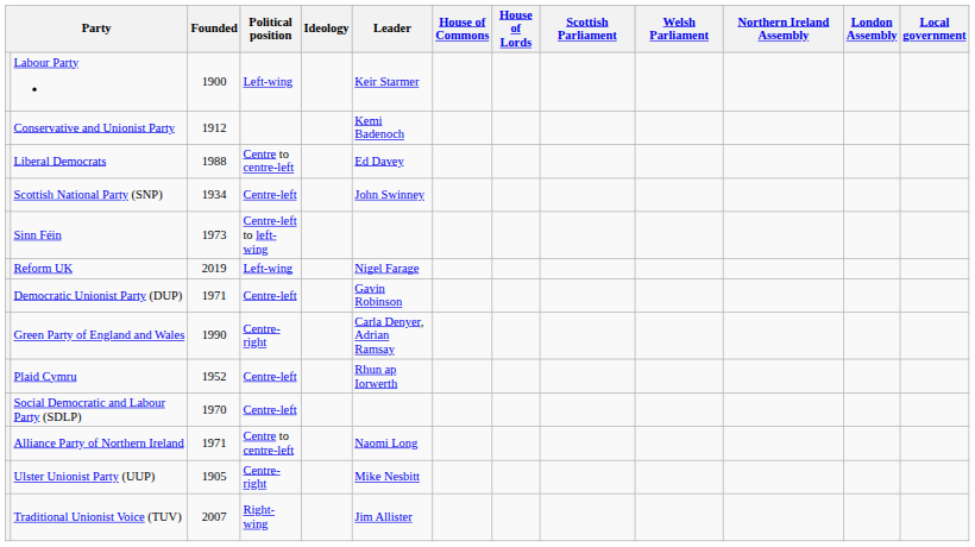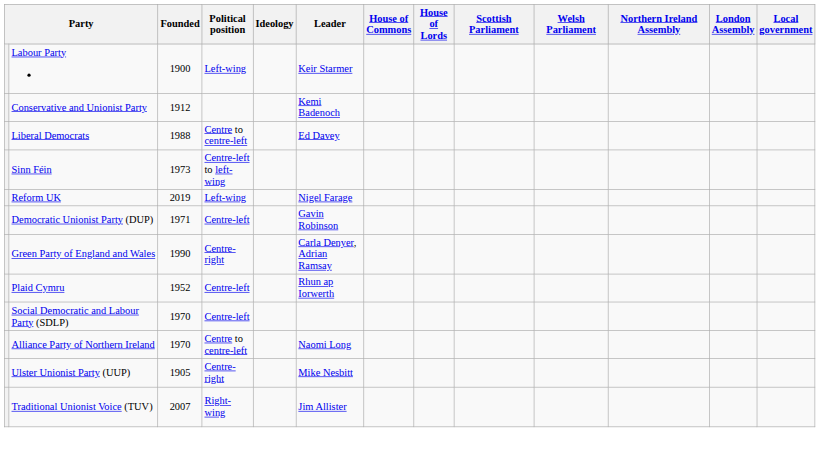 <table class ="wikitable sortable">
 <tr style="background:#ccc">
 <th colspan=2 scope="col" class="unsortable" style="width:20px">Party</th>
 <th>Founded</th>
 <th scope="col" class="unsortable">Political<br>position</th>
 <th scope="col" class="unsortable">Ideology</th>
 <th class="unsortable">Leader</th>
 <th data-sort-type="number"><a href='#'>House of<br>Commons</a></th>
 <th data-sort-type="number"><a href='#'>House of<br>Lords</a></th>
 <th data-sort-type="number"><a href='#'>Scottish Parliament</a></th>
 <th data-sort-type="number"><a href='#'>Welsh Parliament</a></th>
 <th data-sort-type="number"><a href='#'>Northern Ireland Assembly</a></th>
 <th data-sort-type="number"><a href='#'>London<br>Assembly</a></th>
 <th data-sort-type="number"><a href='#'>Local<br>government</a></th>
 </tr>
 <tr>
 <th style="background-color: "></th>
 <td><a href='#'>Labour Party</a><br><ul><li></li></ul></td>
 <td align=center>1900<br></td>
 <td><a href='#'>Left-wing</a></td>
 <td></td>
 <td><a href='#'>Keir Starmer</a></td>
 <td></td>
 <td> </td>
 <td> </td>
 <td> </td>
 <td></td>
 <td> </td>
 <td></td>
 </tr>
 <tr>
 <th style="background-color: "></th>
 <td><a href='#'>Conservative and Unionist Party</a></td>
 <td align=center>1912 <br></td>
 <td></td>
 <td><br><br></td>
 <td><a href='#'>Kemi Badenoch</a></td>
 <td></td>
 <td> </td>
 <td></td>
 <td></td>
 <td></td>
 <td></td>
 <td style="width:30pt; text-align:left"></td>
 </tr>
 <tr>
 <th style="background-color: "></th>
 <td><a href='#'>Liberal Democrats</a></td>
 <td align=center>1988</td>
 <td><a href='#'>Centre</a> to<br><a href='#'>centre-left</a></td>
 <td><br></td>
 <td><a href='#'>Ed Davey</a></td>
 <td></td>
 <td> </td>
-<td></td>
-<td></td>
-<td></td>
-<td></td>
-<td></td>
-</tr>
-<tr>
-<th style="background-color: "></th>
-<td><a href='#'>Scottish National Party</a> (SNP)</td>
-<td align=center>1934</td>
-<td><a href='#'>Centre-left</a></td>
-<td><br><br></td>
-<td><a href='#'>John Swinney</a></td>
-<td></td>
-<td></td>
 <td></td>
 <td></td>
 <td></td>
 <td></td>
 <td></td>
 </tr>
 <tr>
 <th style="background-color: "></th>
 <td><a href='#'>Sinn Féin</a></td>
 <td align=center>1973</td>
 <td><a href='#'>Centre-left</a><br>to <a href='#'>left-wing</a></td>
 <td></td>
 <td></td>
 <td> </td>
 <td></td>
 <td></td>
 <td></td>
 <td></td>
 <td></td>
 <td></td>
 </tr>
 <tr>
 <th style="background-color: "></th>
 <td><a href='#'>Reform UK</a></td>
 <td align=center>2019</td>
 <td><a href='#'>Left-wing</a></td>
 <td><br></td>
 <td><a href='#'>Nigel Farage</a></td>
 <td></td>
 <td></td>
 <td></td>
 <td></td>
 <td></td>
 <td></td>
 <td></td>
 </tr>
 <tr>
 <th style="background-color: "></th>
 <td><a href='#'>Democratic Unionist Party</a> (DUP)</td>
 <td align=center>1971</td>
 <td><a href='#'>Centre-left</a></td>
 <td></td>
 <td><a href='#'>Gavin Robinson</a></td>
 <td></td>
 <td> </td>
 <td></td>
 <td></td>
 <td></td>
 <td></td>
 <td></td>
 </tr>
 <tr>
 <th style="background-color: "></th>
 <td><a href='#'>Green Party of England and Wales</a></td>
 <td align=center>1990</td>
 <td><a href='#'>Centre-right</a></td>
 <td><br></td>
 <td><a href='#'>Carla Denyer</a>,<br><a href='#'>Adrian Ramsay</a><br></td>
 <td></td>
 <td> </td>
 <td></td>
 <td></td>
 <td></td>
 <td></td>
 <td></td>
 </tr>
 <tr>
 <th style="background-color: "></th>
 <td><a href='#'>Plaid Cymru</a></td>
 <td align=center>1952</td>
 <td><a href='#'>Centre-left</a></td>
 <td></td>
 <td><a href='#'>Rhun ap Iorwerth</a></td>
 <td></td>
 <td> </td>
 <td></td>
 <td></td>
 <td></td>
 <td></td>
 <td></td>
 </tr>
 <tr>
 <th style="background-color: "></th>
 <td><a href='#'>Social Democratic and Labour Party</a> (SDLP)</td>
 <td align=center>1970</td>
 <td><a href='#'>Centre-left</a></td>
 <td></td>
 <td></td>
 <td></td>
 <td></td>
 <td></td>
 <td></td>
 <td></td>
 <td></td>
 <td></td>
 </tr>
 <tr>
 <th style="background-color: "></th>
 <td><a href='#'>Alliance Party of Northern Ireland</a></td>
-<td align=center>1971</td>
+<td align=center>1970</td>
 <td><a href='#'>Centre</a> to<br><a href='#'>centre-left</a></td>
 <td><br></td>
 <td><a href='#'>Naomi Long</a></td>
 <td></td>
 <td></td>
 <td></td>
 <td></td>
 <td></td>
 <td></td>
 <td></td>
 </tr>
 <tr>
 <th style="background-color: "></th>
 <td><a href='#'>Ulster Unionist Party</a> (UUP)</td>
 <td align=center>1905</td>
 <td><a href='#'>Centre-right</a></td>
 <td><br></td>
 <td><a href='#'>Mike Nesbitt</a></td>
 <td></td>
 <td> </td>
 <td></td>
 <td></td>
 <td></td>
 <td></td>
 <td></td>
 </tr>
 <tr>
 <th style="background-color: "></th>
 <td><a href='#'>Traditional Unionist Voice</a> (TUV)</td>
 <td align=center>2007</td>
 <td><a href='#'>Right-wing</a></td>
 <td><br><br><br></td>
 <td><a href='#'>Jim Allister</a></td>
 <td></td>
 <td></td>
 <td></td>
 <td></td>
 <td></td>
 <td></td>
 <td></td>
 </tr>
 </table>
